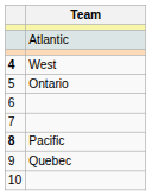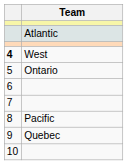 <table class="wikitable">
 <tr>
 <th width=20></th>
 <th width=150>Team</th>
 </tr>
 <tr style="background:#F7F6A8;">
 <td style="text-align:center;"></td>
 <td></td>
 </tr>
 <tr style="background:#DCE5E5;">
 <td style="text-align:center;"></td>
 <td> Atlantic</td>
 </tr>
 <tr style="background:#FFDAB9;">
 <td style="text-align:center;"></td>
 <td></td>
 </tr>
 <tr>
 <td><strong>4</strong></td>
 <td> West</td>
 </tr>
 <tr>
 <td>5</td>
 <td> Ontario</td>
 </tr>
 <tr>
 <td>6</td>
 <td></td>
 </tr>
 <tr>
 <td>7</td>
 <td></td>
 </tr>
 <tr>
-<td><strong>8</strong></td>
+<td>8</td>
 <td> Pacific</td>
 </tr>
 <tr>
 <td>9</td>
 <td> Quebec</td>
 </tr>
 <tr>
 <td>10</td>
 <td></td>
 </tr>
 </table>
